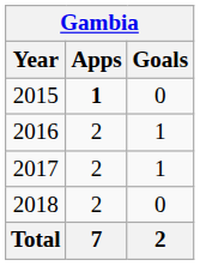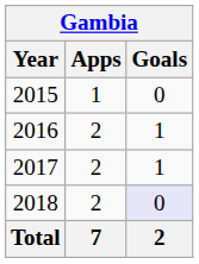 <table class="wikitable" style="text-align:center">
 <tr>
 <th colspan=3><a href='#'>Gambia</a></th>
 </tr>
 <tr>
 <th>Year</th>
 <th>Apps</th>
 <th>Goals</th>
 </tr>
 <tr>
 <td>2015</td>
-<td><strong>1</strong></td>
+<td>1</td>
 <td>0</td>
 </tr>
 <tr>
 <td>2016</td>
 <td>2</td>
 <td>1</td>
 </tr>
 <tr>
 <td>2017</td>
 <td>2</td>
 <td>1</td>
 </tr>
 <tr>
 <td>2018</td>
 <td>2</td>
-<td>0</td>
+<td style="background: lavender;">0</td>
 </tr>
 <tr>
 <th>Total</th>
 <th>7</th>
 <th>2</th>
 </tr>
 </table>
